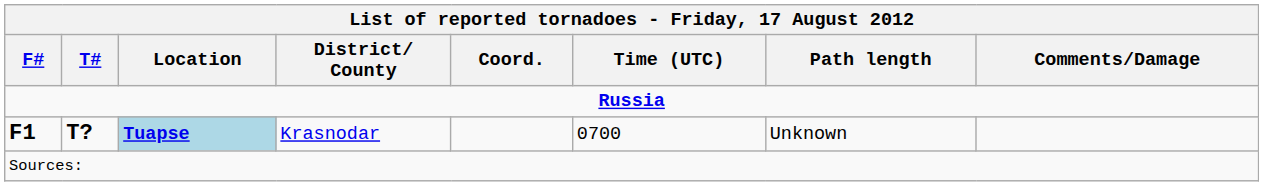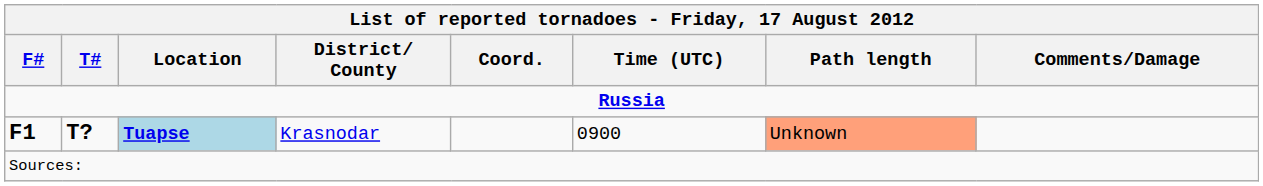 <table class="wikitable collapsible" width="100%">
 <tr>
 <th colspan="8">List of reported tornadoes - Friday, 17 August 2012</th>
 </tr>
 <tr>
 <th><a href='#'>F#</a></th>
 <th><a href='#'>T#</a></th>
 <th>Location</th>
 <th>District/<br>County</th>
 <th>Coord.</th>
 <th>Time (UTC)</th>
 <th>Path length</th>
 <th>Comments/Damage</th>
 </tr>
 <tr>
 <td colspan="8" align=center><strong><a href='#'>Russia</a></strong></td>
 </tr>
 <tr>
 <td><big><strong>F1</strong></big></td>
 <td><big><strong>T?</strong></big></td>
 <td style="background: lightblue;"><strong><a href='#'>Tuapse</a></strong></td>
 <td><a href='#'>Krasnodar</a></td>
 <td></td>
-<td>0700</td>
-<td>Unknown</td>
+<td>0900</td>
+<td style="background: lightsalmon;">Unknown</td>
 <td></td>
 </tr>
 <tr>
 <td colspan="8"><small>Sources:  </small></td>
 </tr>
 </table>
